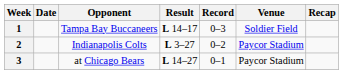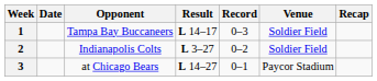 <table class="wikitable" style="text-align:center">
 <tr>
 <th>Week</th>
 <th>Date</th>
 <th>Opponent</th>
 <th>Result</th>
 <th>Record</th>
 <th>Venue</th>
 <th>Recap</th>
 </tr>
 <tr>
 <th>1</th>
 <td></td>
 <td><a href='#'>Tampa Bay Buccaneers</a></td>
 <td><strong>L</strong> 14–17</td>
 <td>0–3</td>
 <td><a href='#'>Soldier Field</a></td>
 <td></td>
 </tr>
 <tr>
 <th>2</th>
 <td></td>
 <td><a href='#'>Indianapolis Colts</a></td>
 <td><strong>L</strong> 3–27</td>
 <td>0–2</td>
-<td><a href='#'>Paycor Stadium</a></td>
+<td><a href='#'>Soldier Field</a></td>
 <td></td>
 </tr>
 <tr>
 <th>3</th>
 <td></td>
 <td>at <a href='#'>Chicago Bears</a></td>
 <td><strong>L</strong> 14–27</td>
 <td>0–1</td>
 <td>Paycor Stadium</td>
 <td></td>
 </tr>
 </table>
